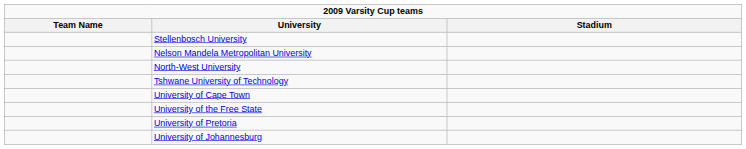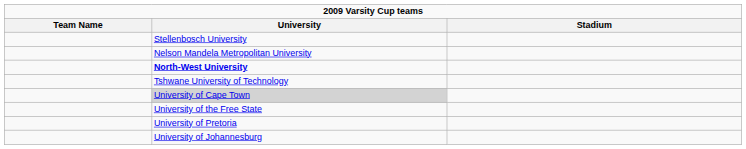 <table class="wikitable" style="text-align:left; line-height:110%; font-size:90%; width:60%;">
 <tr>
 <td colspan=4 align=center><strong>2009 Varsity Cup teams</strong></td>
 </tr>
 <tr>
 <th width="20%">Team Name</th>
 <th width="40%">University</th>
 <th width="40%">Stadium</th>
 </tr>
 <tr>
 <td></td>
 <td><a href='#'>Stellenbosch University</a></td>
 <td></td>
 </tr>
 <tr>
 <td></td>
 <td><a href='#'>Nelson Mandela Metropolitan University</a></td>
 <td></td>
 </tr>
 <tr>
 <td></td>
-<td><a href='#'>North-West University</a></td>
+<td><strong><a href='#'>North-West University</a></strong></td>
 <td></td>
 </tr>
 <tr>
 <td></td>
 <td><a href='#'>Tshwane University of Technology</a></td>
 <td></td>
 </tr>
 <tr>
 <td></td>
-<td><a href='#'>University of Cape Town</a></td>
+<td style="background: lightgrey;"><a href='#'>University of Cape Town</a></td>
 <td></td>
 </tr>
 <tr>
 <td></td>
 <td><a href='#'>University of the Free State</a></td>
 <td></td>
 </tr>
 <tr>
 <td></td>
 <td><a href='#'>University of Pretoria</a></td>
 <td></td>
 </tr>
 <tr>
 <td></td>
 <td><a href='#'>University of Johannesburg</a></td>
 <td></td>
 </tr>
 </table>
